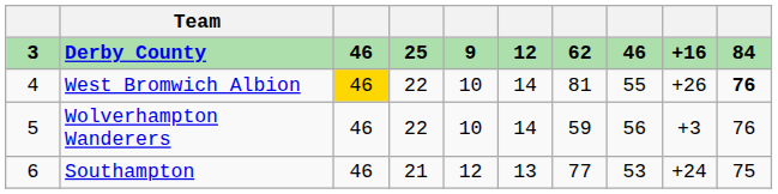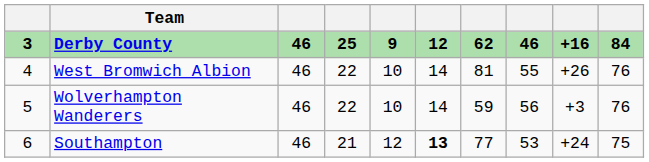 <table class="wikitable" style="text-align:center">
 <tr>
 <th width="30"></th>
 <th width="175">Team</th>
 <th width="30"></th>
 <th width="30"></th>
 <th width="30"></th>
 <th width="30"></th>
 <th width="30"></th>
 <th width="30"></th>
 <th width="30"></th>
 <th width="30"></th>
 </tr>
 <tr bgcolor=#ADDFAD>
 <td><strong>3</strong></td>
 <td align=left><strong><a href='#'>Derby County</a></strong></td>
 <td><strong>46</strong></td>
 <td><strong>25</strong></td>
 <td><strong>9</strong></td>
 <td><strong>12</strong></td>
 <td><strong>62</strong></td>
 <td><strong>46</strong></td>
 <td><strong>+16</strong></td>
 <td><strong>84</strong></td>
 </tr>
 <tr>
 <td>4</td>
 <td align=left><a href='#'>West Bromwich Albion</a></td>
-<td style="background: gold;">46</td>
+<td>46</td>
 <td>22</td>
 <td>10</td>
 <td>14</td>
 <td>81</td>
 <td>55</td>
 <td>+26</td>
-<td><strong>76</strong></td>
+<td>76</td>
 </tr>
 <tr>
 <td>5</td>
 <td align=left><a href='#'>Wolverhampton Wanderers</a></td>
 <td>46</td>
 <td>22</td>
 <td>10</td>
 <td>14</td>
 <td>59</td>
 <td>56</td>
 <td>+3</td>
 <td>76</td>
 </tr>
 <tr>
 <td>6</td>
 <td align=left><a href='#'>Southampton</a></td>
 <td>46</td>
 <td>21</td>
 <td>12</td>
-<td>13</td>
+<td><strong>13</strong></td>
 <td>77</td>
 <td>53</td>
 <td>+24</td>
 <td>75</td>
 </tr>
 </table>
